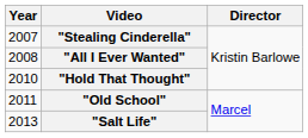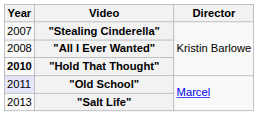 <table class="wikitable plainrowheaders">
 <tr>
 <th>Year</th>
 <th style="width:12em;">Video</th>
 <th>Director</th>
 </tr>
 <tr>
 <td>2007</td>
 <th scope="row">"Stealing Cinderella"</th>
 <td rowspan="3">Kristin Barlowe</td>
 </tr>
 <tr>
 <td>2008</td>
 <th scope="row">"All I Ever Wanted"</th>
 </tr>
 <tr>
-<td>2010</td>
+<td><strong>2010</strong></td>
 <th scope="row">"Hold That Thought"</th>
 </tr>
 <tr>
-<td>2011</td>
+<td style="background: lavender;">2011</td>
 <th scope="row">"Old School"</th>
 <td rowspan="2"><a href='#'>Marcel</a></td>
 </tr>
 <tr>
 <td>2013</td>
 <th scope="row">"Salt Life"</th>
 </tr>
 </table>
